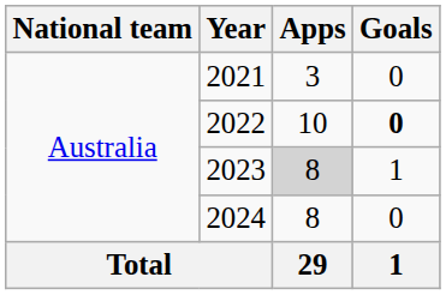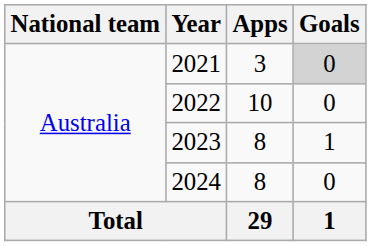 <table class="wikitable" style="text-align:center">
 <tr>
 <th>National team</th>
 <th>Year</th>
 <th>Apps</th>
 <th>Goals</th>
 </tr>
 <tr>
 <td rowspan="4"><a href='#'>Australia</a></td>
 <td>2021</td>
 <td>3</td>
-<td>0</td>
+<td style="background: lightgrey;">0</td>
 </tr>
 <tr>
 <td>2022</td>
 <td>10</td>
-<td><strong>0</strong></td>
+<td>0</td>
 </tr>
 <tr>
 <td>2023</td>
-<td style="background: lightgrey;">8</td>
+<td>8</td>
 <td>1</td>
 </tr>
 <tr>
 <td>2024</td>
 <td>8</td>
 <td>0</td>
 </tr>
 <tr>
 <th colspan="2">Total</th>
 <th>29</th>
 <th>1</th>
 </tr>
 </table>
